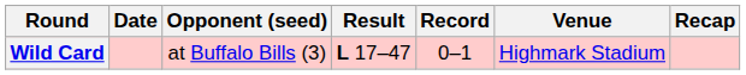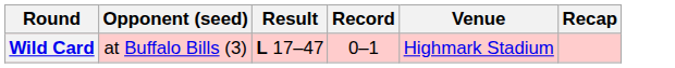 <table class="wikitable" style="text-align:center">
 <tr>
 <th>Round</th>
-<th>Date</th>
 <th>Opponent (seed)</th>
 <th>Result</th>
 <th>Record</th>
 <th>Venue</th>
 <th>Recap</th>
 </tr>
 <tr style="background:#fcc">
 <th><a href='#'>Wild Card</a></th>
-<td></td>
 <td>at <a href='#'>Buffalo Bills</a> (3)</td>
 <td><strong>L</strong> 17–47</td>
 <td>0–1</td>
 <td><a href='#'>Highmark Stadium</a></td>
 <td></td>
 </tr>
 </table>
